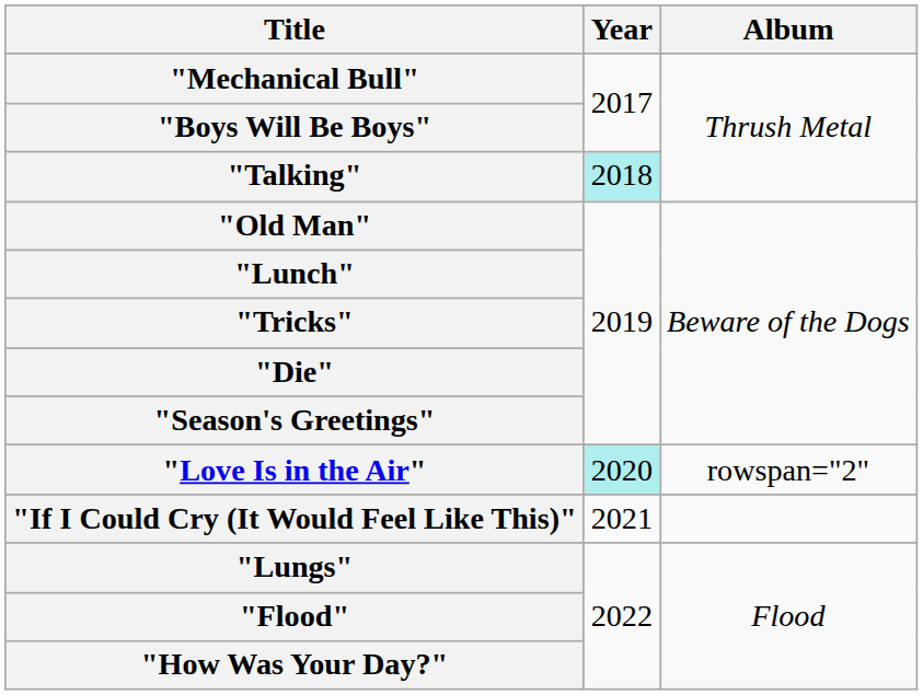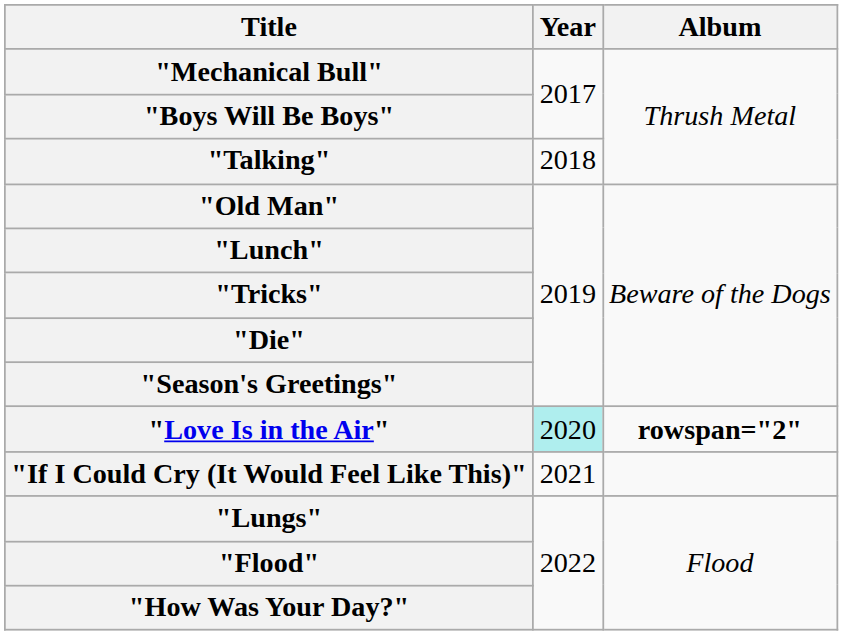 <table class="wikitable plainrowheaders" style="text-align:center;">
 <tr>
 <th>Title</th>
 <th>Year</th>
 <th>Album</th>
 </tr>
 <tr>
 <th scope="row">"Mechanical Bull"</th>
 <td rowspan="2">2017</td>
 <td rowspan="3"><em>Thrush Metal</em></td>
 </tr>
 <tr>
 <th scope="row">"Boys Will Be Boys"</th>
 </tr>
 <tr>
 <th scope="row">"Talking"</th>
-<td style="background: paleturquoise;">2018</td>
+<td>2018</td>
 </tr>
 <tr>
 <th scope="row">"Old Man"</th>
 <td rowspan="5">2019</td>
 <td rowspan="5"><em>Beware of the Dogs</em></td>
 </tr>
 <tr>
 <th scope="row">"Lunch"</th>
 </tr>
 <tr>
 <th scope="row">"Tricks"</th>
 </tr>
 <tr>
 <th scope="row">"Die"</th>
 </tr>
 <tr>
 <th scope="row">"Season's Greetings"</th>
 </tr>
 <tr>
 <th scope="row">"<a href='#'>Love Is in the Air</a>"<br></th>
 <td style="background: paleturquoise;">2020</td>
-<td>rowspan="2" </td>
+<td><strong>rowspan="2" </strong></td>
 </tr>
 <tr>
 <th scope="row">"If I Could Cry (It Would Feel Like This)"</th>
 <td>2021</td>
 </tr>
 <tr>
 <th scope="row">"Lungs"</th>
 <td rowspan="3">2022</td>
 <td rowspan="3"><em>Flood</em></td>
 </tr>
 <tr>
 <th scope="row">"Flood"</th>
 </tr>
 <tr>
 <th scope="row">"How Was Your Day?"</th>
 </tr>
 </table>
